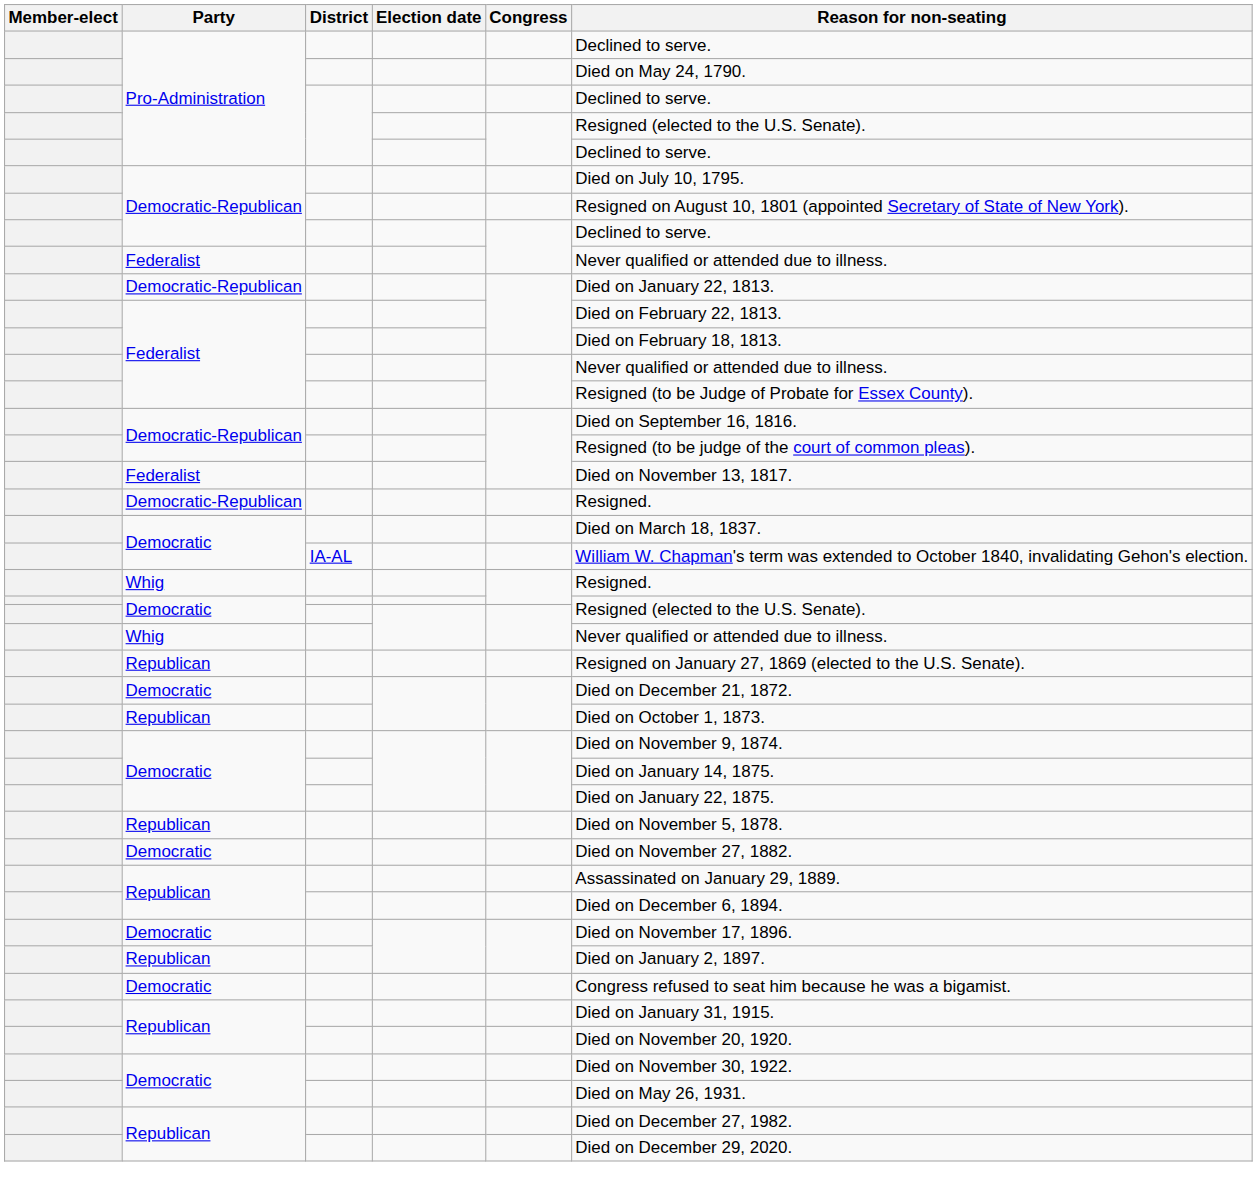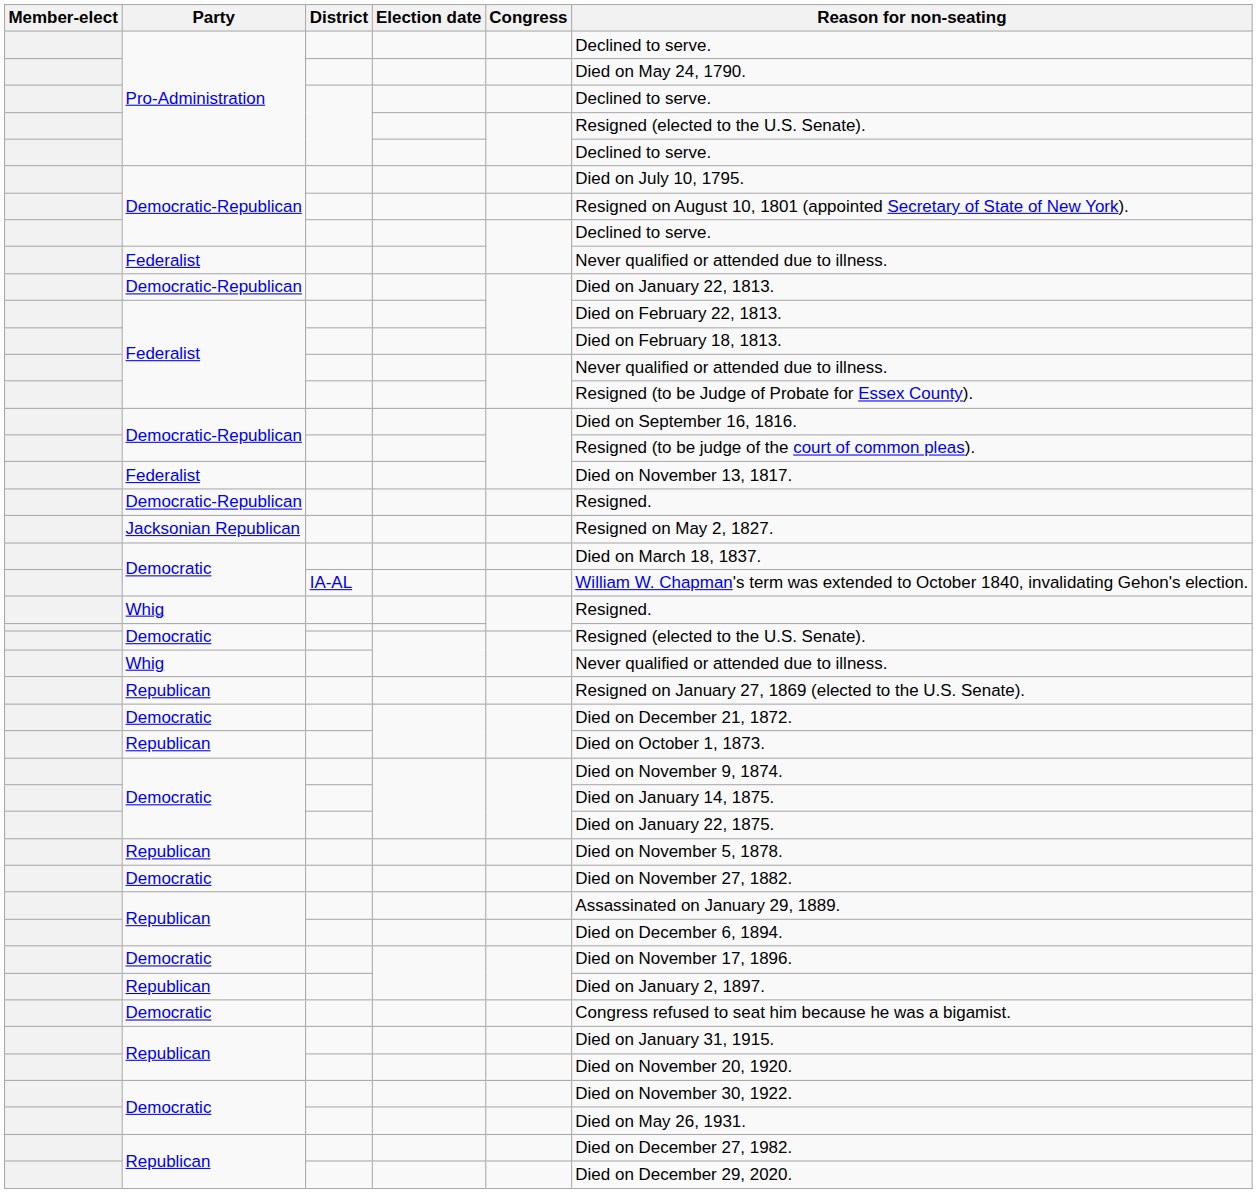 <table class="wikitable sortable plainrowheaders">
 <tr valign=bottom>
 <th>Member-elect</th>
 <th>Party</th>
 <th>District</th>
 <th>Election date</th>
 <th data-sort-type="number">Congress</th>
 <th>Reason for non-seating</th>
 </tr>
 <tr>
 <th scope="row"></th>
 <td rowspan="5"><a href='#'>Pro-Administration</a></td>
 <td></td>
 <td><a href='#'></a></td>
 <td></td>
 <td>Declined to serve.</td>
 </tr>
 <tr>
 <th scope="row"></th>
 <td></td>
 <td><a href='#'></a></td>
 <td></td>
 <td>Died on May 24, 1790.</td>
 </tr>
 <tr>
 <th scope="row"></th>
 <td rowspan="3"></td>
 <td nowrap><a href='#'></a></td>
 <td></td>
 <td>Declined to serve.</td>
 </tr>
 <tr>
 <th scope="row"></th>
 <td><a href='#'></a></td>
 <td rowspan="2"></td>
 <td>Resigned (elected to the U.S. Senate).</td>
 </tr>
 <tr>
 <th scope="row"></th>
 <td><a href='#'></a></td>
 <td>Declined to serve.</td>
 </tr>
 <tr>
 <th scope="row"></th>
 <td rowspan="3"><a href='#'>Democratic-Republican</a></td>
 <td></td>
 <td><a href='#'></a></td>
 <td></td>
 <td>Died on July 10, 1795.</td>
 </tr>
 <tr>
 <th scope="row"></th>
 <td></td>
 <td><a href='#'></a></td>
 <td></td>
 <td>Resigned on August 10, 1801 (appointed <a href='#'>Secretary of State of New York</a>).</td>
 </tr>
 <tr>
 <th scope="row"></th>
 <td></td>
 <td><a href='#'></a></td>
 <td rowspan="2"></td>
 <td>Declined to serve.</td>
 </tr>
 <tr>
 <th scope="row"></th>
 <td><a href='#'>Federalist</a></td>
 <td></td>
 <td><a href='#'></a></td>
 <td>Never qualified or attended due to illness.</td>
 </tr>
 <tr>
 <th scope="row"></th>
 <td><a href='#'>Democratic-Republican</a></td>
 <td></td>
 <td><a href='#'></a></td>
 <td rowspan="3"></td>
 <td>Died on January 22, 1813.</td>
 </tr>
 <tr>
 <th scope="row"></th>
 <td rowspan="4"><a href='#'>Federalist</a></td>
 <td></td>
 <td><a href='#'></a></td>
 <td>Died on February 22, 1813.</td>
 </tr>
 <tr>
 <th scope="row"></th>
 <td></td>
 <td><a href='#'></a></td>
 <td>Died on February 18, 1813.</td>
 </tr>
 <tr>
 <th scope="row"></th>
 <td></td>
 <td><a href='#'></a></td>
 <td rowspan="2"></td>
 <td>Never qualified or attended due to illness.</td>
 </tr>
 <tr>
 <th scope="row"></th>
 <td></td>
 <td><a href='#'></a></td>
 <td>Resigned (to be Judge of Probate for <a href='#'>Essex County</a>).</td>
 </tr>
 <tr>
 <th scope="row"></th>
 <td rowspan="2"><a href='#'>Democratic-Republican</a></td>
 <td></td>
 <td><a href='#'></a></td>
 <td rowspan="3"></td>
 <td>Died on September 16, 1816.</td>
 </tr>
 <tr>
 <th scope="row"></th>
 <td></td>
 <td><a href='#'></a></td>
 <td>Resigned (to be judge of the <a href='#'>court of common pleas</a>).</td>
 </tr>
 <tr>
 <th scope="row"></th>
 <td><a href='#'>Federalist</a></td>
 <td></td>
 <td><a href='#'></a></td>
 <td>Died on November 13, 1817.</td>
 </tr>
 <tr>
 <th scope="row"></th>
 <td><a href='#'>Democratic-Republican</a></td>
 <td></td>
 <td><a href='#'></a></td>
 <td></td>
 <td>Resigned.</td>
+</tr>
+<tr>
+<th scope="row"></th>
+<td><a href='#'>Jacksonian Republican</a></td>
+<td></td>
+<td><a href='#'></a></td>
+<td></td>
+<td>Resigned on May 2, 1827.</td>
 </tr>
 <tr>
 <th scope="row"></th>
 <td rowspan="2"><a href='#'>Democratic</a></td>
 <td></td>
 <td><a href='#'></a></td>
 <td></td>
 <td>Died on March 18, 1837.</td>
 </tr>
 <tr>
 <th scope="row"></th>
 <td><a href='#'>IA-AL</a><br></td>
 <td><a href='#'></a></td>
 <td></td>
 <td><a href='#'>William W. Chapman</a>'s term was extended to October 1840, invalidating Gehon's election.</td>
 </tr>
 <tr>
 <th scope="row"></th>
 <td><a href='#'>Whig</a></td>
 <td></td>
 <td><a href='#'></a></td>
 <td rowspan="2"></td>
 <td>Resigned.</td>
 </tr>
 <tr>
 <th scope="row"></th>
 <td rowspan="2"><a href='#'>Democratic</a></td>
 <td></td>
 <td><a href='#'></a></td>
 <td rowspan="2">Resigned (elected to the U.S. Senate).</td>
 </tr>
 <tr>
 <th scope="row"></th>
 <td></td>
 <td rowspan="2"><a href='#'></a></td>
 <td rowspan="2"></td>
 </tr>
 <tr>
 <th scope="row"></th>
 <td><a href='#'>Whig</a></td>
 <td></td>
 <td>Never qualified or attended due to illness.</td>
 </tr>
 <tr>
 <th scope="row"></th>
 <td><a href='#'>Republican</a></td>
 <td></td>
 <td><a href='#'></a></td>
 <td></td>
 <td>Resigned on January 27, 1869 (elected to the U.S. Senate).</td>
 </tr>
 <tr>
 <th scope="row"></th>
 <td><a href='#'>Democratic</a></td>
 <td></td>
 <td rowspan="2"><a href='#'></a></td>
 <td rowspan="2"></td>
 <td>Died on December 21, 1872.</td>
 </tr>
 <tr>
 <th scope="row"></th>
 <td><a href='#'>Republican</a></td>
 <td></td>
 <td>Died on October 1, 1873.</td>
 </tr>
 <tr>
 <th scope="row"></th>
 <td rowspan="3"><a href='#'>Democratic</a></td>
 <td></td>
 <td rowspan="3"><a href='#'></a></td>
 <td rowspan="3"></td>
 <td>Died on November 9, 1874.</td>
 </tr>
 <tr>
 <th scope="row"></th>
 <td></td>
 <td>Died on January 14, 1875.</td>
 </tr>
 <tr>
 <th scope="row"></th>
 <td></td>
 <td>Died on January 22, 1875.</td>
 </tr>
 <tr>
 <th scope="row"></th>
 <td><a href='#'>Republican</a></td>
 <td></td>
 <td><a href='#'></a></td>
 <td></td>
 <td>Died on November 5, 1878.</td>
 </tr>
 <tr>
 <th scope="row"></th>
 <td><a href='#'>Democratic</a></td>
 <td></td>
 <td><a href='#'></a></td>
 <td></td>
 <td>Died on November 27, 1882.</td>
 </tr>
 <tr>
 <th scope="row"></th>
 <td rowspan="2"><a href='#'>Republican</a></td>
 <td></td>
 <td><a href='#'></a></td>
 <td></td>
 <td>Assassinated on January 29, 1889.</td>
 </tr>
 <tr>
 <th scope="row"></th>
 <td></td>
 <td><a href='#'></a></td>
 <td></td>
 <td>Died on December 6, 1894.</td>
 </tr>
 <tr>
 <th scope="row"></th>
 <td><a href='#'>Democratic</a></td>
 <td></td>
 <td rowspan="2"><a href='#'></a></td>
 <td rowspan="2"></td>
 <td>Died on November 17, 1896.</td>
 </tr>
 <tr>
 <th scope="row"></th>
 <td><a href='#'>Republican</a></td>
 <td></td>
 <td>Died on January 2, 1897.</td>
 </tr>
 <tr>
 <th scope="row"></th>
 <td><a href='#'>Democratic</a></td>
 <td></td>
 <td><a href='#'></a></td>
 <td></td>
 <td>Congress refused to seat him because he was a bigamist.</td>
 </tr>
 <tr>
 <th scope="row"></th>
 <td rowspan="2"><a href='#'>Republican</a></td>
 <td></td>
 <td><a href='#'></a></td>
 <td></td>
 <td>Died on January 31, 1915.</td>
 </tr>
 <tr>
 <th scope="row"></th>
 <td></td>
 <td><a href='#'></a></td>
 <td></td>
 <td>Died on November 20, 1920.</td>
 </tr>
 <tr>
 <th scope="row"></th>
 <td rowspan="2"><a href='#'>Democratic</a></td>
 <td></td>
 <td><a href='#'></a></td>
 <td></td>
 <td>Died on November 30, 1922.</td>
 </tr>
 <tr>
 <th scope="row"></th>
 <td></td>
 <td><a href='#'></a></td>
 <td></td>
 <td>Died on May 26, 1931.</td>
 </tr>
 <tr>
 <th scope="row"></th>
 <td rowspan="2"><a href='#'>Republican</a></td>
 <td></td>
 <td><a href='#'></a></td>
 <td></td>
 <td>Died on December 27, 1982.</td>
 </tr>
 <tr>
 <th scope="row"></th>
 <td></td>
 <td><a href='#'></a></td>
 <td></td>
 <td>Died on December 29, 2020.</td>
 </tr>
 </table>
